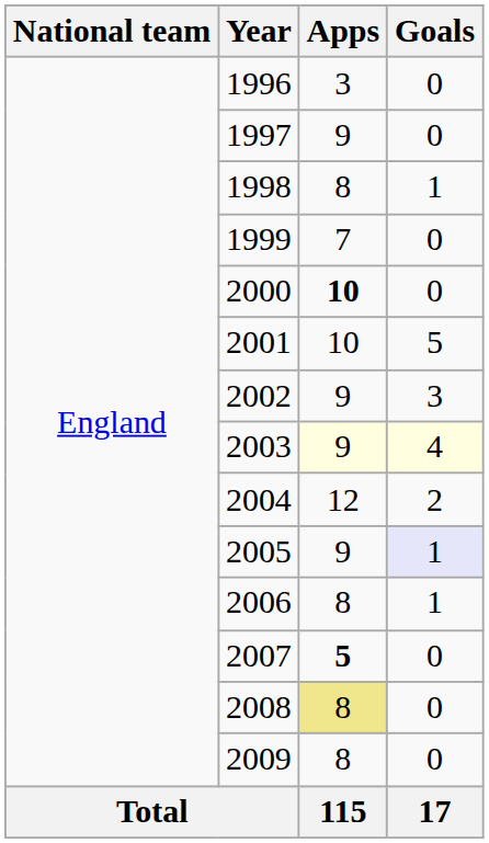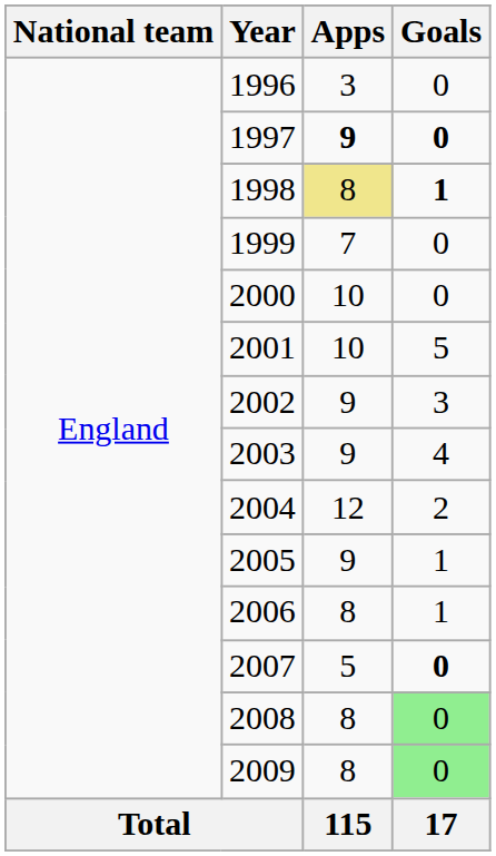 <table class="wikitable" style="text-align:center">
 <tr>
 <th>National team</th>
 <th>Year</th>
 <th>Apps</th>
 <th>Goals</th>
 </tr>
 <tr>
 <td rowspan="14"><a href='#'>England</a></td>
 <td>1996</td>
 <td>3</td>
 <td>0</td>
 </tr>
 <tr>
 <td>1997</td>
-<td>9</td>
-<td>0</td>
+<td><strong>9</strong></td>
+<td><strong>0</strong></td>
 </tr>
 <tr>
 <td>1998</td>
-<td>8</td>
-<td>1</td>
+<td style="background: khaki;">8</td>
+<td><strong>1</strong></td>
 </tr>
 <tr>
 <td>1999</td>
 <td>7</td>
 <td>0</td>
 </tr>
 <tr>
 <td>2000</td>
-<td><strong>10</strong></td>
+<td>10</td>
 <td>0</td>
 </tr>
 <tr>
 <td>2001</td>
 <td>10</td>
 <td>5</td>
 </tr>
 <tr>
 <td>2002</td>
 <td>9</td>
 <td>3</td>
 </tr>
 <tr>
 <td>2003</td>
-<td style="background: lightyellow;">9</td>
-<td style="background: lightyellow;">4</td>
+<td>9</td>
+<td>4</td>
 </tr>
 <tr>
 <td>2004</td>
 <td>12</td>
 <td>2</td>
 </tr>
 <tr>
 <td>2005</td>
 <td>9</td>
-<td style="background: lavender;">1</td>
+<td>1</td>
 </tr>
 <tr>
 <td>2006</td>
 <td>8</td>
 <td>1</td>
 </tr>
 <tr>
 <td>2007</td>
-<td><strong>5</strong></td>
-<td>0</td>
+<td>5</td>
+<td><strong>0</strong></td>
 </tr>
 <tr>
 <td>2008</td>
-<td style="background: khaki;">8</td>
-<td>0</td>
+<td>8</td>
+<td style="background: lightgreen;">0</td>
 </tr>
 <tr>
 <td>2009</td>
 <td>8</td>
-<td>0</td>
+<td style="background: lightgreen;">0</td>
 </tr>
 <tr>
 <th colspan="2">Total</th>
 <th>115</th>
 <th>17</th>
 </tr>
 </table>
